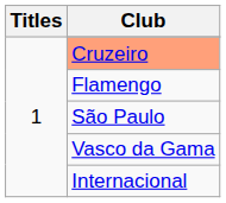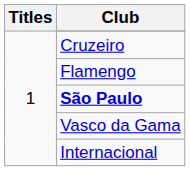 <table class="wikitable sortable">
 <tr>
 <th>Titles</th>
 <th>Club</th>
 </tr>
 <tr>
 <td align=center rowspan=6>1</td>
 </tr>
 <tr>
-<td style="background: lightsalmon;"><a href='#'>Cruzeiro</a></td>
+<td><a href='#'>Cruzeiro</a></td>
 </tr>
 <tr>
 <td><a href='#'>Flamengo</a></td>
 </tr>
 <tr>
-<td><a href='#'>São Paulo</a></td>
+<td><strong><a href='#'>São Paulo</a></strong></td>
 </tr>
 <tr>
 <td><a href='#'>Vasco da Gama</a></td>
 </tr>
 <tr>
 <td><a href='#'>Internacional</a></td>
 </tr>
 </table>
